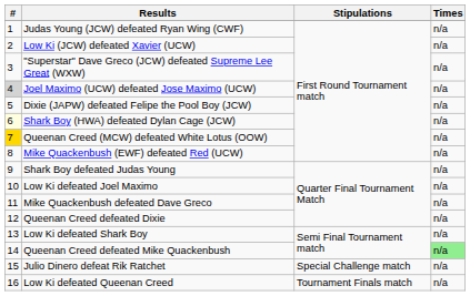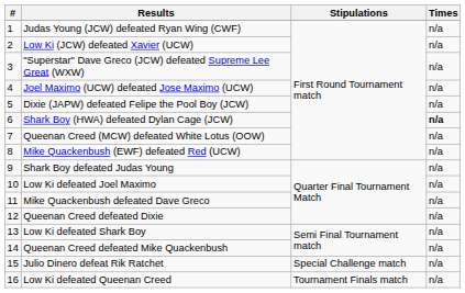 <table style="font-size: 85%; text-align: left;" class="wikitable sortable">
 <tr>
 <th><strong>#</strong></th>
 <th><strong>Results</strong></th>
 <th><strong>Stipulations</strong></th>
 <th><strong>Times</strong></th>
 </tr>
 <tr>
 </tr>
 <tr>
 <td>1</td>
 <td>Judas Young (JCW) defeated Ryan Wing (CWF)</td>
 <td rowspan="8">First Round Tournament match</td>
 <td>n/a</td>
 </tr>
 <tr>
 <td>2</td>
 <td><a href='#'>Low Ki</a> (JCW) defeated <a href='#'>Xavier</a> (UCW)</td>
 <td>n/a</td>
 </tr>
 <tr>
 <td>3</td>
 <td>"Superstar" Dave Greco (JCW) defeated <a href='#'>Supreme Lee Great</a> (WXW)</td>
 <td>n/a</td>
 </tr>
 <tr>
-<td style="background: lightgrey;">4</td>
+<td>4</td>
 <td><a href='#'>Joel Maximo</a> (UCW) defeated <a href='#'>Jose Maximo</a> (UCW)</td>
 <td>n/a</td>
 </tr>
 <tr>
 <td>5</td>
 <td>Dixie (JAPW) defeated Felipe the Pool Boy (JCW)</td>
 <td>n/a</td>
 </tr>
 <tr>
-<td style="background: lightyellow;">6</td>
+<td>6</td>
 <td><a href='#'>Shark Boy</a> (HWA) defeated Dylan Cage (JCW)</td>
-<td>n/a</td>
+<td><strong>n/a</strong></td>
 </tr>
 <tr>
-<td style="background: gold;">7</td>
+<td>7</td>
 <td>Queenan Creed (MCW) defeated White Lotus (OOW)</td>
 <td>n/a</td>
 </tr>
 <tr>
 <td>8</td>
 <td><a href='#'>Mike Quackenbush</a> (EWF) defeated <a href='#'>Red</a> (UCW)</td>
 <td>n/a</td>
 </tr>
 <tr>
 <td>9</td>
 <td>Shark Boy defeated Judas Young</td>
 <td rowspan="4">Quarter Final Tournament Match</td>
 <td>n/a</td>
 </tr>
 <tr>
 <td>10</td>
 <td>Low Ki defeated Joel Maximo</td>
 <td>n/a</td>
 </tr>
 <tr>
 <td>11</td>
 <td>Mike Quackenbush defeated Dave Greco</td>
 <td>n/a</td>
 </tr>
 <tr>
 <td>12</td>
 <td>Queenan Creed defeated Dixie</td>
 <td>n/a</td>
 </tr>
 <tr>
 <td>13</td>
 <td>Low Ki defeated Shark Boy</td>
 <td rowspan="2">Semi Final Tournament match</td>
 <td>n/a</td>
 </tr>
 <tr>
 <td>14</td>
 <td>Queenan Creed defeated Mike Quackenbush</td>
-<td style="background: lightgreen;">n/a</td>
+<td>n/a</td>
 </tr>
 <tr>
 <td>15</td>
 <td>Julio Dinero defeat Rik Ratchet</td>
 <td>Special Challenge match</td>
 <td>n/a</td>
 </tr>
 <tr>
 <td>16</td>
 <td>Low Ki defeated Queenan Creed</td>
 <td>Tournament Finals match</td>
 <td>n/a</td>
 </tr>
 </table>
